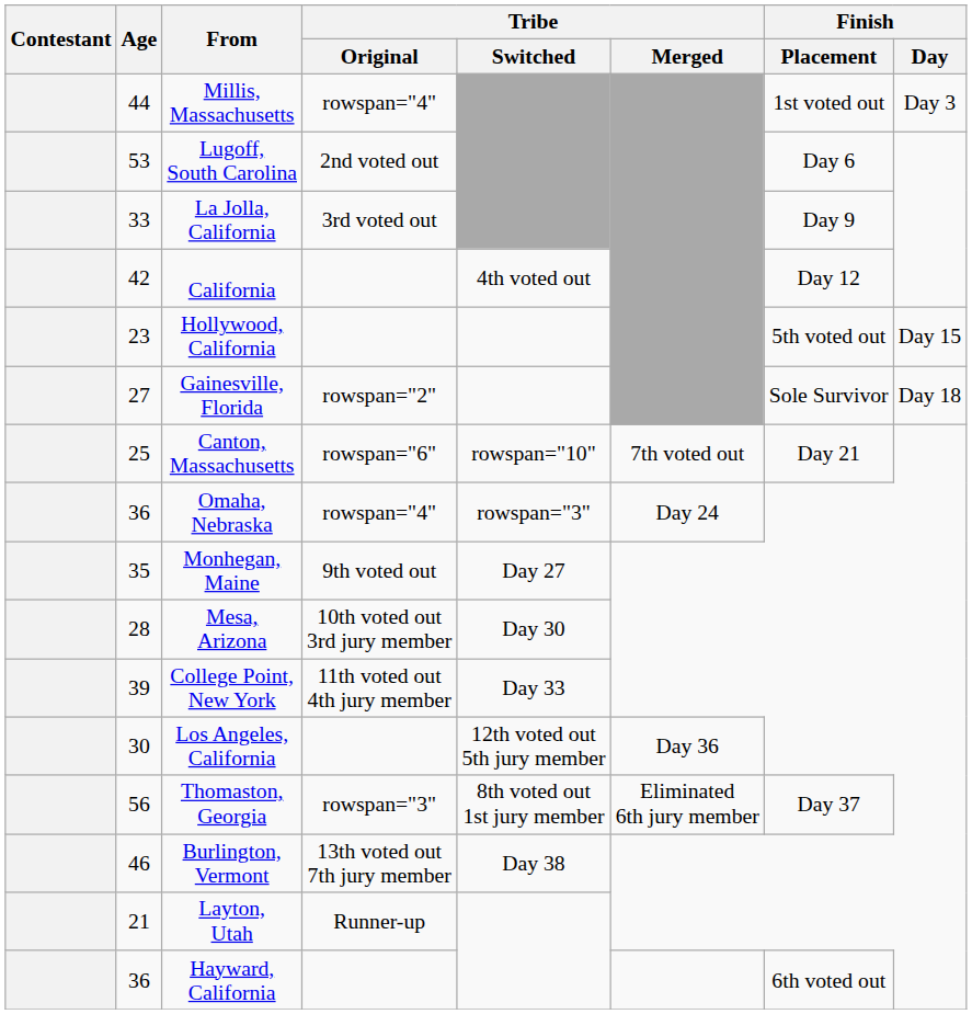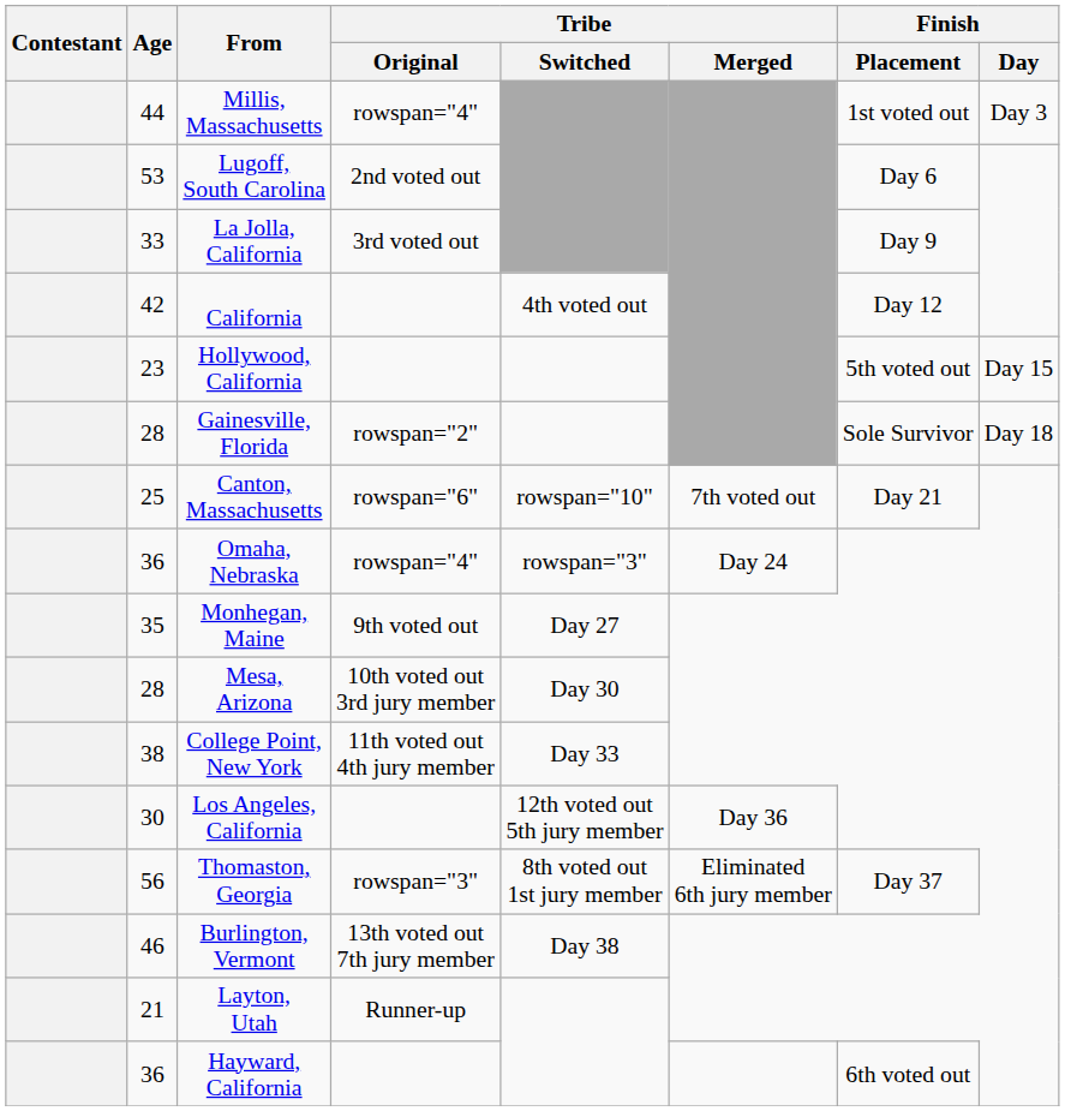 <table class="wikitable sortable" style="margin:auto; text-align:center;">
 <tr>
 <th rowspan="2" scope="col">Contestant</th>
 <th rowspan="2" scope="col">Age</th>
 <th rowspan="2" scope="col" class=unsortable>From</th>
 <th colspan="3" scope="colgroup">Tribe</th>
 <th colspan="2" scope="colgroup">Finish</th>
 </tr>
 <tr>
 <th scope="col">Original</th>
 <th scope="col">Switched</th>
 <th scope="col" class=unsortable>Merged</th>
 <th scope="col" class=unsortable>Placement</th>
 <th scope="col" class=unsortable>Day</th>
 </tr>
 <tr>
 <th scope="row" style="text-align:left;"></th>
 <td>44</td>
 <td><a href='#'>Millis,<br>Massachusetts</a></td>
 <td>rowspan="4" </td>
 <td rowspan="3" style="background-color:darkgrey;"></td>
 <td rowspan="6" style="background-color:darkgrey;"></td>
 <td>1st voted out</td>
 <td>Day 3</td>
 </tr>
 <tr>
 <th scope="row" style="text-align:left;"></th>
 <td>53</td>
 <td><a href='#'>Lugoff,<br>South Carolina</a></td>
 <td>2nd voted out</td>
 <td>Day 6</td>
 </tr>
 <tr>
 <th scope="row" style="text-align:left;"></th>
 <td>33</td>
 <td><a href='#'>La Jolla,<br>California</a></td>
 <td>3rd voted out</td>
 <td>Day 9</td>
 </tr>
 <tr>
 <th scope="row" style="text-align:left;"></th>
 <td>42</td>
 <td><a href='#'><br>California</a></td>
 <td></td>
 <td>4th voted out</td>
 <td>Day 12</td>
 </tr>
 <tr>
 <th scope="row" style="text-align:left;"></th>
 <td>23</td>
 <td><a href='#'>Hollywood,<br>California</a></td>
 <td></td>
 <td></td>
 <td>5th voted out</td>
 <td>Day 15</td>
 </tr>
 <tr>
 <th scope="row" style="text-align:left;"></th>
-<td>27</td>
+<td>28</td>
 <td><a href='#'>Gainesville,<br>Florida</a></td>
 <td>rowspan="2" </td>
 <td></td>
 <td>Sole Survivor</td>
 <td>Day 18</td>
 </tr>
 <tr>
 <th scope="row" style="text-align:left;"></th>
 <td>25</td>
 <td><a href='#'>Canton,<br>Massachusetts</a></td>
 <td>rowspan="6" </td>
 <td>rowspan="10" </td>
 <td>7th voted out</td>
 <td>Day 21</td>
 </tr>
 <tr>
 <th scope="row" style="text-align:left;"></th>
 <td>36</td>
 <td><a href='#'>Omaha,<br>Nebraska</a></td>
 <td>rowspan="4" </td>
 <td>rowspan="3" </td>
 <td>Day 24</td>
 </tr>
 <tr>
 <th scope="row" style="text-align:left;"></th>
 <td>35</td>
 <td><a href='#'>Monhegan,<br>Maine</a></td>
 <td>9th voted out<br></td>
 <td>Day 27</td>
 </tr>
 <tr>
 <th scope="row" style="text-align:left;"></th>
 <td>28</td>
 <td><a href='#'>Mesa,<br>Arizona</a></td>
 <td>10th voted out<br>3rd jury member</td>
 <td>Day 30</td>
 </tr>
 <tr>
 <th scope="row" style="text-align:left;"></th>
-<td>39</td>
+<td>38</td>
 <td><a href='#'>College Point,<br>New York</a></td>
 <td>11th voted out<br>4th jury member</td>
 <td>Day 33</td>
 </tr>
 <tr>
 <th scope="row" style="text-align:left;"></th>
 <td>30</td>
 <td><a href='#'>Los Angeles,<br>California</a></td>
 <td></td>
 <td>12th voted out<br>5th jury member</td>
 <td>Day 36</td>
 </tr>
 <tr>
 <th scope="row" style="text-align:left;"></th>
 <td>56</td>
 <td><a href='#'>Thomaston,<br>Georgia</a></td>
 <td>rowspan="3" </td>
 <td>8th voted out<br>1st jury member</td>
 <td>Eliminated<br>6th jury member</td>
 <td>Day 37</td>
 </tr>
 <tr>
 <th scope="row" style="text-align:left;"></th>
 <td>46</td>
 <td><a href='#'>Burlington,<br>Vermont</a></td>
 <td>13th voted out<br>7th jury member</td>
 <td>Day 38</td>
 </tr>
 <tr>
 <th scope="row" style="text-align:left;"></th>
 <td>21</td>
 <td><a href='#'>Layton,<br>Utah</a></td>
 <td>Runner-up</td>
 <td rowspan="2"></td>
 </tr>
 <tr>
 <th scope="row" style="text-align:left;"></th>
 <td>36</td>
 <td><a href='#'>Hayward,<br>California</a></td>
 <td></td>
 <td></td>
 <td>6th voted out</td>
 </tr>
 </table>
